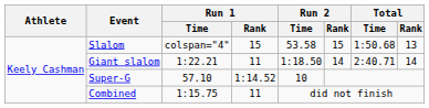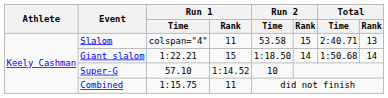 <table class="wikitable" style="font-size:90%">
 <tr>
 <th rowspan=2>Athlete</th>
 <th rowspan=2>Event</th>
 <th colspan=2>Run 1</th>
 <th colspan=2>Run 2</th>
 <th colspan=2>Total</th>
 </tr>
 <tr style="font-size:95%">
 <th>Time</th>
 <th>Rank</th>
 <th>Time</th>
 <th>Rank</th>
 <th>Time</th>
 <th>Rank</th>
 </tr>
 <tr align=center>
 <td align="left" rowspan="4"><a href='#'>Keely Cashman</a></td>
 <td align="left"><a href='#'>Slalom</a></td>
 <td>colspan="4" </td>
-<td>15</td>
+<td>11</td>
 <td>53.58</td>
 <td>15</td>
-<td>1:50.68</td>
+<td>2:40.71</td>
 <td>13</td>
 </tr>
 <tr align=center>
 <td align="left"><a href='#'>Giant slalom</a></td>
 <td>1:22.21</td>
-<td>11</td>
+<td>15</td>
 <td>1:18.50</td>
 <td>14</td>
-<td>2:40.71</td>
+<td>1:50.68</td>
 <td>14</td>
 </tr>
 <tr align=center>
 <td align="left"><a href='#'>Super-G</a></td>
 <td>57.10</td>
 <td>1:14.52</td>
 <td>10</td>
 </tr>
 <tr align=center>
 <td align="left"><a href='#'>Combined</a></td>
 <td>1:15.75</td>
 <td>11</td>
 <td colspan=4>did not finish</td>
 </tr>
 </table>
